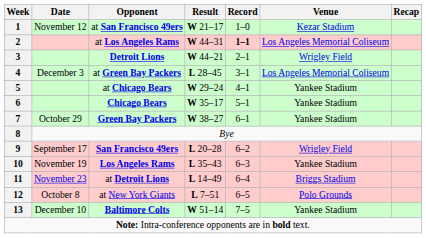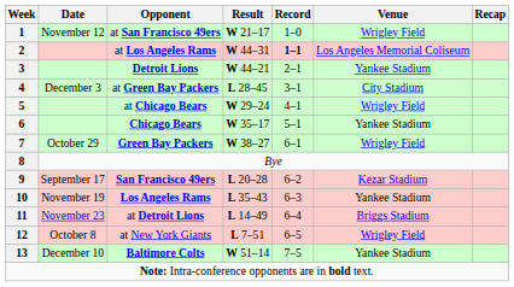 <table class="wikitable" style="text-align:center">
 <tr>
 <th>Week</th>
 <th>Date</th>
 <th>Opponent</th>
 <th>Result</th>
 <th>Record</th>
 <th>Venue</th>
 <th>Recap</th>
 </tr>
 <tr style="background:#cfc">
 <th>1</th>
 <td>November 12</td>
 <td>at <strong><a href='#'>San Francisco 49ers</a></strong></td>
 <td><strong>W</strong> 21–17</td>
 <td>1–0</td>
-<td><a href='#'>Kezar Stadium</a></td>
+<td><a href='#'>Wrigley Field</a></td>
 <td></td>
 </tr>
 <tr style="background:#fcc">
 <th>2</th>
 <td></td>
 <td>at <strong><a href='#'>Los Angeles Rams</a></strong></td>
 <td><strong>W</strong> 44–31</td>
 <td><strong>1–1</strong></td>
 <td><a href='#'>Los Angeles Memorial Coliseum</a></td>
 <td></td>
 </tr>
 <tr style="background:#cfc">
 <th>3</th>
 <td></td>
 <td><strong><a href='#'>Detroit Lions</a></strong></td>
 <td><strong>W</strong> 44–21</td>
 <td>2–1</td>
-<td><a href='#'>Wrigley Field</a></td>
+<td><a href='#'>Yankee Stadium</a></td>
 <td></td>
 </tr>
 <tr style="background:#cfc">
 <th>4</th>
 <td>December 3</td>
 <td>at <strong><a href='#'>Green Bay Packers</a></strong></td>
 <td><strong>L</strong> 28–45</td>
 <td>3–1</td>
-<td><a href='#'>Los Angeles Memorial Coliseum</a></td>
+<td><a href='#'>City Stadium</a></td>
 <td></td>
 </tr>
 <tr style="background:#cfc">
 <th>5</th>
 <td></td>
 <td>at <strong><a href='#'>Chicago Bears</a></strong></td>
 <td><strong>W</strong> 29–24</td>
 <td>4–1</td>
-<td>Yankee Stadium</td>
+<td><a href='#'>Wrigley Field</a></td>
 <td></td>
 </tr>
 <tr style="background:#cfc">
 <th>6</th>
 <td></td>
 <td><strong><a href='#'>Chicago Bears</a></strong></td>
 <td><strong>W</strong> 35–17</td>
 <td>5–1</td>
 <td>Yankee Stadium</td>
 <td></td>
 </tr>
 <tr style="background:#cfc">
 <th>7</th>
 <td>October 29</td>
 <td><strong><a href='#'>Green Bay Packers</a></strong></td>
 <td><strong>W</strong> 38–27</td>
 <td>6–1</td>
-<td>Yankee Stadium</td>
+<td><a href='#'>Wrigley Field</a></td>
 <td></td>
 </tr>
 <tr>
 <th>8</th>
 <td colspan=6 align="center"><em>Bye</em></td>
 </tr>
 <tr style="background:#fcc">
 <th>9</th>
 <td>September 17</td>
 <td><strong><a href='#'>San Francisco 49ers</a></strong></td>
 <td><strong>L</strong> 20–28</td>
 <td>6–2</td>
-<td><a href='#'>Wrigley Field</a></td>
+<td><a href='#'>Kezar Stadium</a></td>
 <td></td>
 </tr>
 <tr style="background:#fcc">
 <th>10</th>
 <td>November 19</td>
 <td><strong><a href='#'>Los Angeles Rams</a></strong></td>
 <td><strong>L</strong> 35–43</td>
 <td>6–3</td>
 <td>Yankee Stadium</td>
 <td></td>
 </tr>
 <tr style="background:#fcc">
 <th>11</th>
 <td><a href='#'>November 23</a></td>
 <td>at <strong><a href='#'>Detroit Lions</a></strong></td>
 <td><strong>L</strong> 14–49</td>
 <td>6–4</td>
 <td><a href='#'>Briggs Stadium</a></td>
 <td></td>
 </tr>
 <tr style="background:#fcc">
 <th>12</th>
 <td>October 8</td>
 <td>at <a href='#'>New York Giants</a></td>
 <td><strong>L</strong> 7–51</td>
 <td>6–5</td>
-<td><a href='#'>Polo Grounds</a></td>
+<td><a href='#'>Wrigley Field</a></td>
 <td></td>
 </tr>
 <tr style="background:#cfc">
 <th>13</th>
 <td>December 10</td>
 <td><strong><a href='#'>Baltimore Colts</a></strong></td>
 <td><strong>W</strong> 51–14</td>
 <td>7–5</td>
 <td>Yankee Stadium</td>
 <td></td>
 </tr>
 <tr>
 <td colspan="8"><strong>Note:</strong> Intra-conference opponents are in <strong>bold</strong> text.</td>
 </tr>
 </table>
